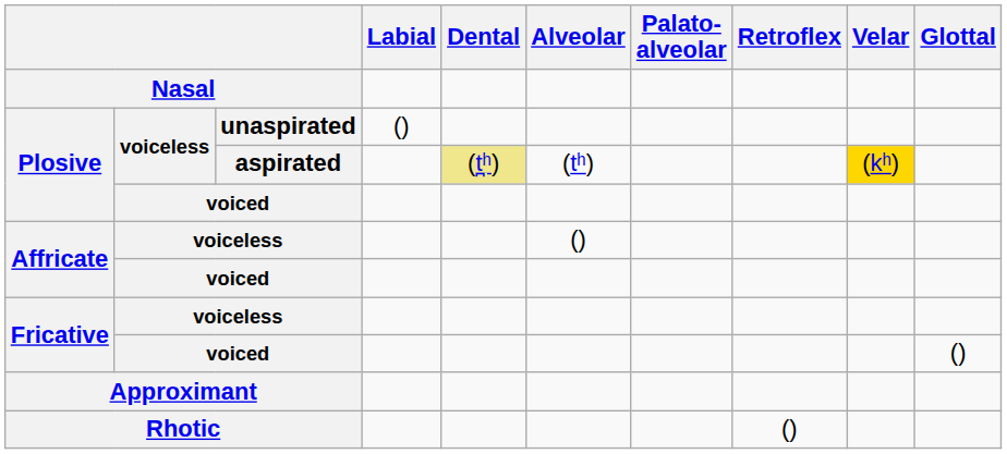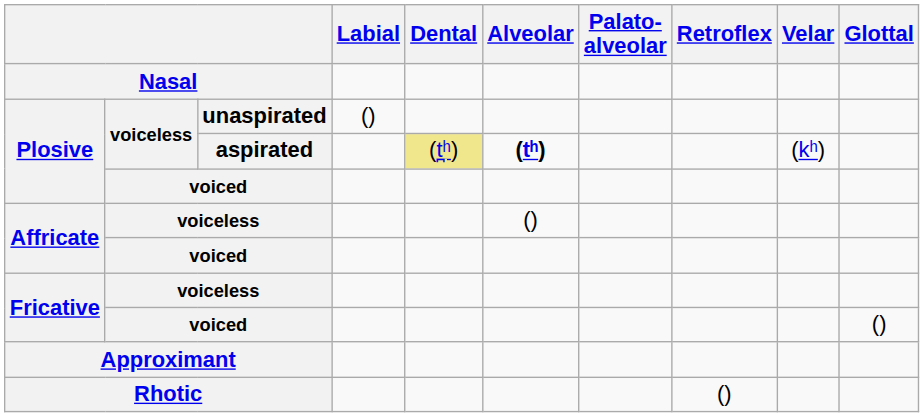 <table class="wikitable" style="text-align: center;">
 <tr>
 <th colspan="3"></th>
 <th><a href='#'>Labial</a></th>
 <th><a href='#'>Dental</a></th>
 <th><a href='#'>Alveolar</a></th>
 <th><a href='#'>Palato-alveolar</a></th>
 <th><a href='#'>Retroflex</a></th>
 <th><a href='#'>Velar</a></th>
 <th><a href='#'>Glottal</a></th>
 </tr>
 <tr>
 <th colspan="3"><a href='#'>Nasal</a></th>
 <td></td>
 <td></td>
 <td></td>
 <td></td>
 <td></td>
 <td></td>
 <td></td>
 </tr>
 <tr>
 <th rowspan="3"><a href='#'>Plosive</a></th>
 <th rowspan="2"><small>voiceless</small></th>
 <th>unaspirated</th>
 <td>()</td>
 <td></td>
 <td></td>
 <td></td>
 <td></td>
 <td></td>
 <td></td>
 </tr>
 <tr>
 <th>aspirated</th>
 <td></td>
 <td style="background: khaki;">(<a href='#'>t̪ʰ</a>)</td>
-<td>(<a href='#'>tʰ</a>)</td>
+<td><strong>(<a href='#'>tʰ</a>)</strong></td>
 <td></td>
 <td></td>
-<td style="background: gold;">(<a href='#'>kʰ</a>)</td>
+<td>(<a href='#'>kʰ</a>)</td>
 <td></td>
 </tr>
 <tr>
 <th colspan="2"><small>voiced</small></th>
 <td></td>
 <td></td>
 <td></td>
 <td></td>
 <td></td>
 <td></td>
 <td></td>
 </tr>
 <tr>
 <th rowspan="2"><a href='#'>Affricate</a></th>
 <th colspan="2"><small>voiceless</small></th>
 <td></td>
 <td></td>
 <td>()</td>
 <td></td>
 <td></td>
 <td></td>
 <td></td>
 </tr>
 <tr>
 <th colspan="2"><small>voiced</small></th>
 <td></td>
 <td></td>
 <td></td>
 <td></td>
 <td></td>
 <td></td>
 <td></td>
 </tr>
 <tr>
 <th rowspan="2"><a href='#'>Fricative</a></th>
 <th colspan="2"><small>voiceless</small></th>
 <td></td>
 <td></td>
 <td></td>
 <td></td>
 <td></td>
 <td></td>
 <td></td>
 </tr>
 <tr>
 <th colspan="2"><small>voiced</small></th>
 <td></td>
 <td></td>
 <td></td>
 <td></td>
 <td></td>
 <td></td>
 <td>()</td>
 </tr>
 <tr>
 <th colspan="3"><a href='#'>Approximant</a></th>
 <td></td>
 <td></td>
 <td></td>
 <td></td>
 <td></td>
 <td></td>
 <td></td>
 </tr>
 <tr>
 <th colspan="3"><a href='#'>Rhotic</a></th>
 <td></td>
 <td></td>
 <td></td>
 <td></td>
 <td>()</td>
 <td></td>
 <td></td>
 </tr>
 </table>
